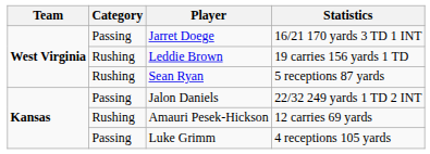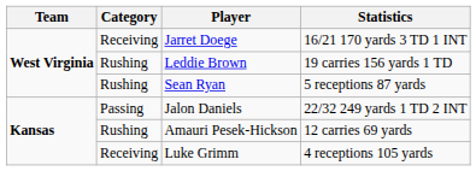 <table class="wikitable" style="float: right;">
 <tr>
 <th>Team</th>
 <th>Category</th>
 <th>Player</th>
 <th>Statistics</th>
 </tr>
 <tr>
 <td rowspan=3><strong>West Virginia</strong></td>
-<td>Passing</td>
+<td>Receiving</td>
 <td><a href='#'>Jarret Doege</a></td>
 <td>16/21 170 yards 3 TD 1 INT</td>
 </tr>
 <tr>
 <td>Rushing</td>
 <td><a href='#'>Leddie Brown</a></td>
 <td>19 carries 156 yards 1 TD</td>
 </tr>
 <tr>
 <td>Rushing</td>
 <td><a href='#'>Sean Ryan</a></td>
 <td>5 receptions 87 yards</td>
 </tr>
 <tr>
 <td rowspan=3><strong>Kansas</strong></td>
 <td>Passing</td>
 <td>Jalon Daniels</td>
 <td>22/32 249 yards 1 TD 2 INT</td>
 </tr>
 <tr>
 <td>Rushing</td>
 <td>Amauri Pesek-Hickson</td>
 <td>12 carries 69 yards</td>
 </tr>
 <tr>
-<td>Passing</td>
+<td>Receiving</td>
 <td>Luke Grimm</td>
 <td>4 receptions 105 yards</td>
 </tr>
 </table>
